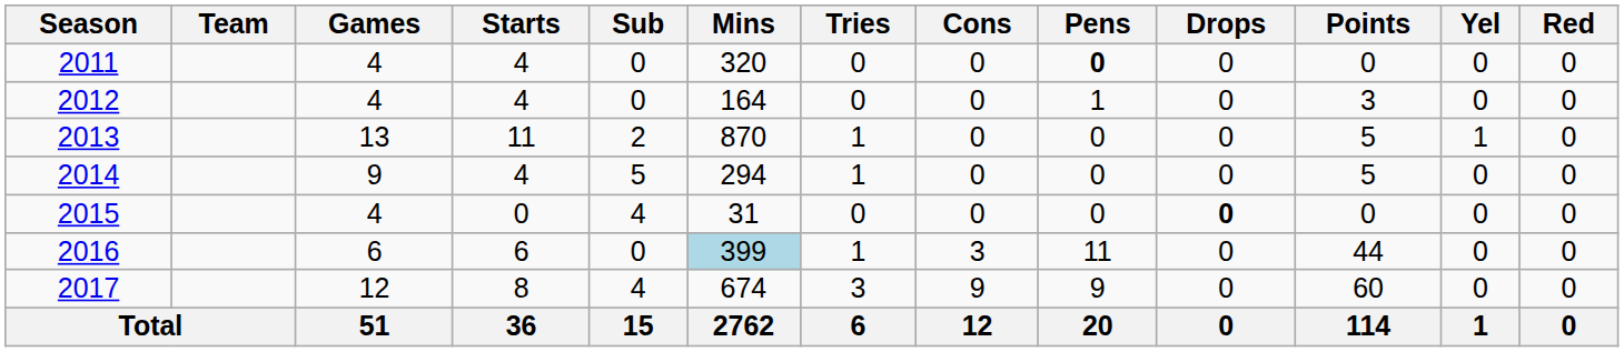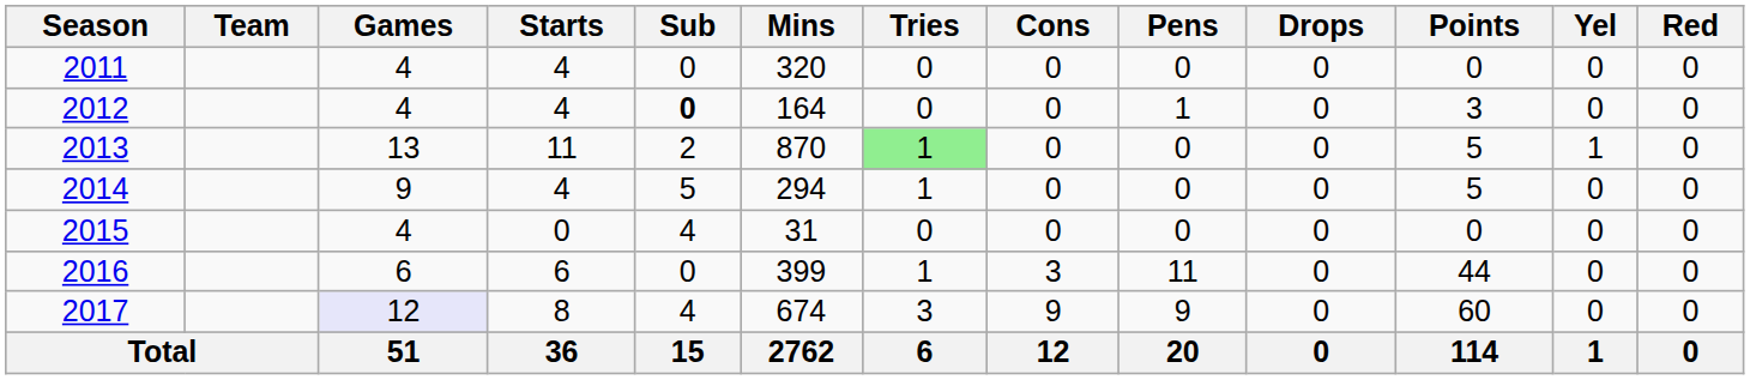 <table class="wikitable" style="text-align:center; line-height:90%; font-size:95%; width:70%;">
 <tr>
 <th>Season</th>
 <th>Team</th>
 <th>Games</th>
 <th>Starts</th>
 <th>Sub</th>
 <th>Mins</th>
 <th>Tries</th>
 <th>Cons</th>
 <th>Pens</th>
 <th>Drops</th>
 <th>Points</th>
 <th>Yel</th>
 <th>Red</th>
 </tr>
 <tr>
 <td><a href='#'>2011</a></td>
 <td></td>
 <td>4</td>
 <td>4</td>
 <td>0</td>
 <td>320</td>
 <td>0</td>
 <td>0</td>
-<td><strong>0</strong></td>
+<td>0</td>
 <td>0</td>
 <td>0</td>
 <td>0</td>
 <td>0</td>
 </tr>
 <tr>
 <td><a href='#'>2012</a></td>
 <td></td>
 <td>4</td>
 <td>4</td>
-<td>0</td>
+<td><strong>0</strong></td>
 <td>164</td>
 <td>0</td>
 <td>0</td>
 <td>1</td>
 <td>0</td>
 <td>3</td>
 <td>0</td>
 <td>0</td>
 </tr>
 <tr>
 <td><a href='#'>2013</a></td>
 <td></td>
 <td>13</td>
 <td>11</td>
 <td>2</td>
 <td>870</td>
-<td>1</td>
+<td style="background: lightgreen;">1</td>
 <td>0</td>
 <td>0</td>
 <td>0</td>
 <td>5</td>
 <td>1</td>
 <td>0</td>
 </tr>
 <tr>
 <td><a href='#'>2014</a></td>
 <td></td>
 <td>9</td>
 <td>4</td>
 <td>5</td>
 <td>294</td>
 <td>1</td>
 <td>0</td>
 <td>0</td>
 <td>0</td>
 <td>5</td>
 <td>0</td>
 <td>0</td>
 </tr>
 <tr>
 <td><a href='#'>2015</a></td>
 <td></td>
 <td>4</td>
 <td>0</td>
 <td>4</td>
 <td>31</td>
 <td>0</td>
 <td>0</td>
 <td>0</td>
-<td><strong>0</strong></td>
+<td>0</td>
 <td>0</td>
 <td>0</td>
 <td>0</td>
 </tr>
 <tr>
 <td><a href='#'>2016</a></td>
 <td></td>
 <td>6</td>
 <td>6</td>
 <td>0</td>
-<td style="background: lightblue;">399</td>
+<td>399</td>
 <td>1</td>
 <td>3</td>
 <td>11</td>
 <td>0</td>
 <td>44</td>
 <td>0</td>
 <td>0</td>
 </tr>
 <tr>
 <td><a href='#'>2017</a></td>
 <td></td>
-<td>12</td>
+<td style="background: lavender;">12</td>
 <td>8</td>
 <td>4</td>
 <td>674</td>
 <td>3</td>
 <td>9</td>
 <td>9</td>
 <td>0</td>
 <td>60</td>
 <td>0</td>
 <td>0</td>
 </tr>
 <tr>
 <th colspan="2">Total</th>
 <th>51</th>
 <th>36</th>
 <th>15</th>
 <th>2762</th>
 <th>6</th>
 <th>12</th>
 <th>20</th>
 <th>0</th>
 <th>114</th>
 <th>1</th>
 <th>0</th>
 </tr>
 </table>
